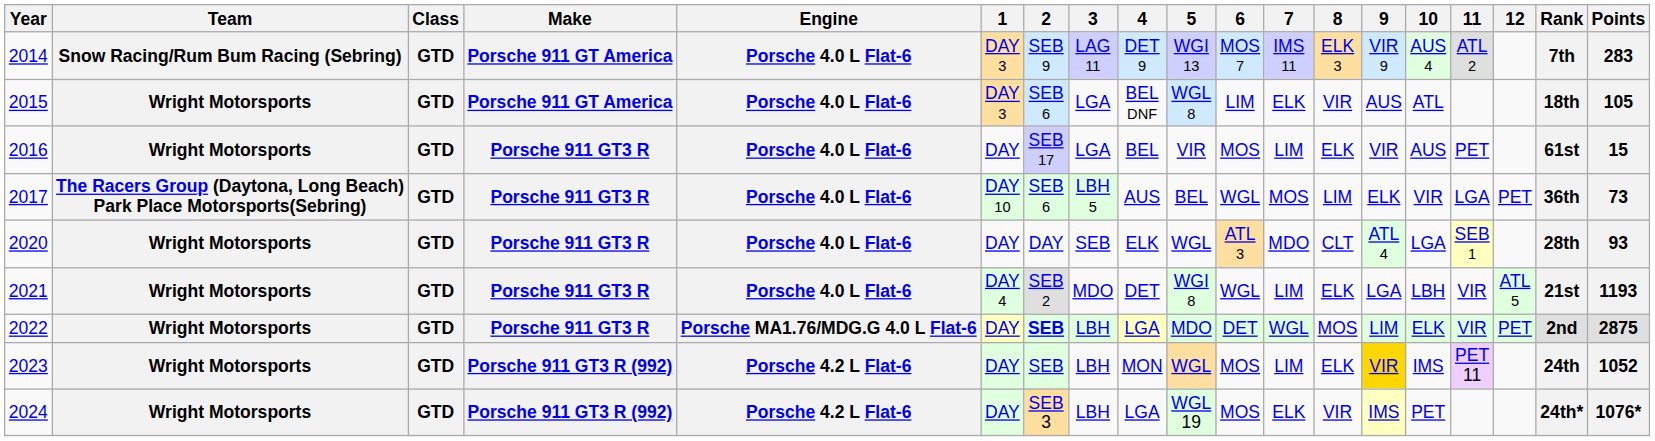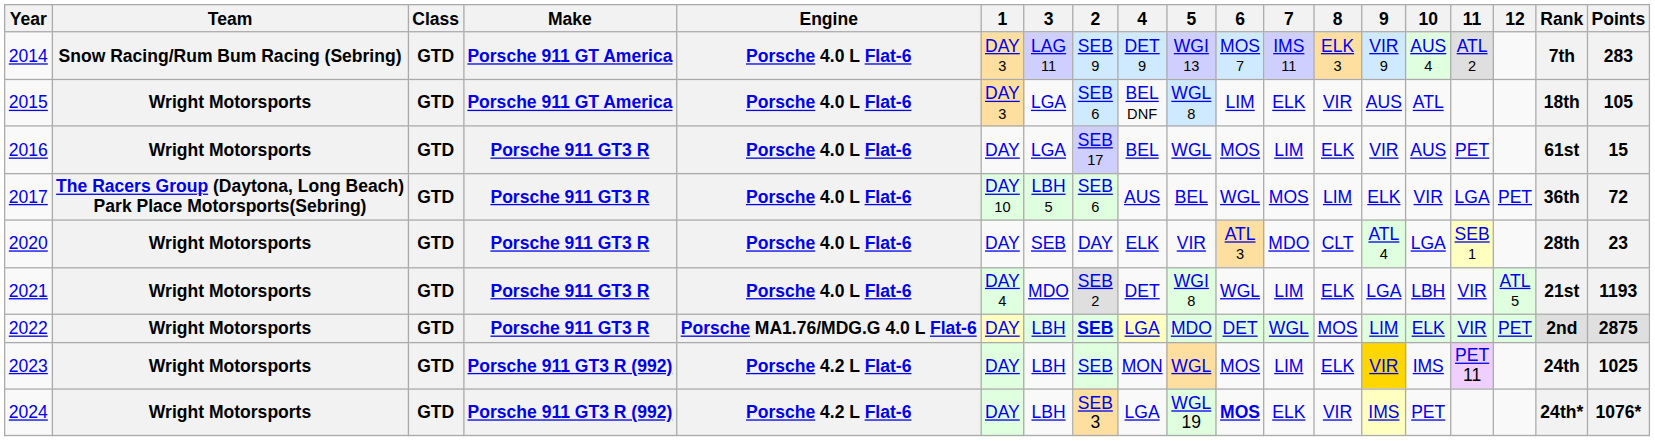 <table class="wikitable" style="text-align:center; font-size:85%">
 <tr>
 <th>Year</th>
 <th>Team</th>
 <th>Class</th>
 <th>Make</th>
 <th>Engine</th>
 <th>1</th>
+<th>3</th>
 <th>2</th>
-<th>3</th>
 <th>4</th>
 <th>5</th>
 <th>6</th>
 <th>7</th>
 <th>8</th>
 <th>9</th>
 <th>10</th>
 <th>11</th>
 <th>12</th>
 <th>Rank</th>
 <th>Points</th>
 </tr>
 <tr>
 <td><a href='#'>2014</a></td>
 <th nowrap>Snow Racing/Rum Bum Racing (Sebring)</th>
 <th>GTD</th>
 <th nowrap><a href='#'>Porsche 911 GT America</a></th>
 <th nowrap><a href='#'>Porsche</a> 4.0 L <a href='#'>Flat-6</a></th>
 <td style="background:#FFDF9F;"><a href='#'>DAY</a> <br><small>3</small></td>
+<td style="background:#cfcfff;"><a href='#'>LAG</a><br><small>11</small></td>
 <td style="background:#cfeaff;"><a href='#'>SEB</a> <br><small>9</small></td>
-<td style="background:#cfcfff;"><a href='#'>LAG</a><br><small>11</small></td>
 <td style="background:#cfeaff;"><a href='#'>DET</a> <br><small>9</small></td>
 <td style="background:#cfcfff;"><a href='#'>WGI</a> <br><small>13</small></td>
 <td style="background:#cfeaff;"><a href='#'>MOS</a><br><small>7</small></td>
 <td style="background:#cfcfff;"><a href='#'>IMS</a> <br><small>11</small></td>
 <td style="background:#FFDF9F;"><a href='#'>ELK</a> <br><small>3</small></td>
 <td style="background:#cfeaff;"><a href='#'>VIR</a> <br><small>9</small></td>
 <td style="background:#dfffdf;"><a href='#'>AUS</a> <br><small>4</small></td>
 <td style="background:#DFDFDF;"><a href='#'>ATL</a> <br><small>2</small></td>
 <td></td>
 <th>7th</th>
 <th>283</th>
 </tr>
 <tr>
 <td><a href='#'>2015</a></td>
 <th nowrap>Wright Motorsports</th>
 <th>GTD</th>
 <th nowrap><a href='#'>Porsche 911 GT America</a></th>
 <th nowrap><a href='#'>Porsche</a> 4.0 L <a href='#'>Flat-6</a></th>
 <td style="background:#FFDF9F;"><a href='#'>DAY</a> <br><small>3</small></td>
+<td style="background:#;”"><a href='#'>LGA</a><br></td>
 <td style="background:#cfeaff;"><a href='#'>SEB</a> <br><small>6</small></td>
-<td style="background:#;”"><a href='#'>LGA</a><br></td>
 <td style="background:#;"><a href='#'>BEL</a> <br><small>DNF</small></td>
 <td style="background:#cfeaff;"><a href='#'>WGL</a> <br><small>8</small></td>
 <td style="background:#;"><a href='#'>LIM</a><br></td>
 <td style="background:#;"><a href='#'>ELK</a><br></td>
 <td style="background:#;"><a href='#'>VIR</a><br></td>
 <td style="background:#;"><a href='#'>AUS</a><br></td>
 <td style="background:#;"><a href='#'>ATL</a><br></td>
 <td></td>
 <td></td>
 <th>18th</th>
 <th>105</th>
 </tr>
 <tr>
 <td><a href='#'>2016</a></td>
 <th nowrap>Wright Motorsports</th>
 <th>GTD</th>
 <th nowrap><a href='#'>Porsche 911 GT3 R</a></th>
 <th nowrap><a href='#'>Porsche</a> 4.0 L <a href='#'>Flat-6</a></th>
 <td style="background:#;"><a href='#'>DAY</a><br></td>
+<td style="background:#;"><a href='#'>LGA</a><br></td>
 <td style="background:#cfcfff;"><a href='#'>SEB</a> <br><small>17</small></td>
-<td style="background:#;"><a href='#'>LGA</a><br></td>
 <td style="background:#;"><a href='#'>BEL</a><br></td>
-<td style="background:#;"><a href='#'>VIR</a><br></td>
+<td style="background:#;"><a href='#'>WGL</a><br></td>
 <td style="background:#;"><a href='#'>MOS</a><br></td>
 <td style="background:#;"><a href='#'>LIM</a><br></td>
 <td style="background:#;"><a href='#'>ELK</a><br></td>
 <td style="background:#;"><a href='#'>VIR</a><br></td>
 <td style="background:#;"><a href='#'>AUS</a><br></td>
 <td style="background:#;"><a href='#'>PET</a><br></td>
 <td></td>
 <th>61st</th>
 <th>15</th>
 </tr>
 <tr>
 <td><a href='#'>2017</a></td>
 <th nowrap><a href='#'>The Racers Group</a> (Daytona, Long Beach)<br>Park Place Motorsports(Sebring)</th>
 <th>GTD</th>
 <th nowrap><a href='#'>Porsche 911 GT3 R</a></th>
 <th nowrap><a href='#'>Porsche</a> 4.0 L <a href='#'>Flat-6</a></th>
 <td style="background:#dfffdf;"><a href='#'>DAY</a> <br><small>10</small></td>
+<td style="background:#dfffdf;"><a href='#'>LBH</a> <br><small>5</small></td>
 <td style="background:#dfffdf;"><a href='#'>SEB</a> <br><small>6</small></td>
-<td style="background:#dfffdf;"><a href='#'>LBH</a> <br><small>5</small></td>
 <td style="background:#;"><a href='#'>AUS</a><br></td>
 <td style="background:#;"><a href='#'>BEL</a><br></td>
 <td style="background:#;"><a href='#'>WGL</a><br></td>
 <td style="background:#;"><a href='#'>MOS</a><br></td>
 <td style="background:#;"><a href='#'>LIM</a><br></td>
 <td style="background:#;"><a href='#'>ELK</a><br></td>
 <td style="background:#;"><a href='#'>VIR</a><br></td>
 <td style="background:#;"><a href='#'>LGA</a><br></td>
 <td style="background:#;"><a href='#'>PET</a><br></td>
 <th>36th</th>
-<th>73</th>
+<th>72</th>
 </tr>
 <tr>
 <td><a href='#'>2020</a></td>
 <th nowrap>Wright Motorsports</th>
 <th>GTD</th>
 <th nowrap><a href='#'>Porsche 911 GT3 R</a></th>
 <th nowrap><a href='#'>Porsche</a> 4.0 L <a href='#'>Flat-6</a></th>
 <td style="background:#;"><a href='#'>DAY</a><br></td>
+<td style="background:#;"><a href='#'>SEB</a><br></td>
 <td style="background:#;"><a href='#'>DAY</a><br></td>
-<td style="background:#;"><a href='#'>SEB</a><br></td>
 <td style="background:#;"><a href='#'>ELK</a><br></td>
-<td style="background:#;"><a href='#'>WGL</a><br></td>
+<td style="background:#;"><a href='#'>VIR</a><br></td>
 <td style="background:#FFDF9F;"><a href='#'>ATL</a> <br><small>3</small></td>
 <td style="background:#;"><a href='#'>MDO</a><br></td>
 <td style="background:#;"><a href='#'>CLT</a><br></td>
 <td style="background:#dfffdf;"><a href='#'>ATL</a> <br><small>4</small></td>
 <td style="background:#;"><a href='#'>LGA</a><br></td>
 <td style="background:#FFFFBF;"><a href='#'>SEB</a> <br><small>1</small></td>
 <td></td>
 <th>28th</th>
-<th>93</th>
+<th>23</th>
 </tr>
 <tr>
 <td><a href='#'>2021</a></td>
 <th nowrap>Wright Motorsports</th>
 <th>GTD</th>
 <th nowrap><a href='#'>Porsche 911 GT3 R</a></th>
 <th nowrap><a href='#'>Porsche</a> 4.0 L <a href='#'>Flat-6</a></th>
 <td style="background:#dfffdf;"><a href='#'>DAY</a> <br><small>4</small></td>
+<td style="background:#;"><a href='#'>MDO</a><br></td>
 <td style="background:#DFDFDF;"><a href='#'>SEB</a> <br><small>2</small></td>
-<td style="background:#;"><a href='#'>MDO</a><br></td>
 <td style="background:#;"><a href='#'>DET</a><br></td>
 <td style="background:#dfffdf;"><a href='#'>WGI</a> <br><small>8</small></td>
 <td style="background:#;"><a href='#'>WGL</a><br></td>
 <td style="background:#;"><a href='#'>LIM</a><br></td>
 <td style="background:#;"><a href='#'>ELK</a><br></td>
 <td style="background:#;"><a href='#'>LGA</a><br></td>
 <td style="background:#;"><a href='#'>LBH</a><br></td>
 <td style="background:#;"><a href='#'>VIR</a><br></td>
 <td style="background:#dfffdf;"><a href='#'>ATL</a> <br><small>5</small></td>
 <th>21st</th>
 <th>1193</th>
 </tr>
 <tr>
 <td><a href='#'>2022</a></td>
 <th nowrap>Wright Motorsports</th>
 <th>GTD</th>
 <th nowrap><a href='#'>Porsche 911 GT3 R</a></th>
 <th nowrap><a href='#'>Porsche</a> MA1.76/MDG.G 4.0 L <a href='#'>Flat-6</a></th>
 <td style="background:#FFFFBF;"><a href='#'>DAY</a><br></td>
+<td style="background:#DFFFDF;"><a href='#'>LBH</a><br></td>
 <td style="background:#DFFFDF;"><strong><a href='#'>SEB</a><br></strong></td>
-<td style="background:#DFFFDF;"><a href='#'>LBH</a><br></td>
 <td style="background:#FFFFBF;"><a href='#'>LGA</a><br></td>
 <td style="background:#DFFFDF;"><a href='#'>MDO</a><br></td>
 <td style="background:#DFFFDF;"><a href='#'>DET</a><br></td>
 <td style="background:#DFFFDF;"><a href='#'>WGL</a><br></td>
 <td style="background:"><a href='#'>MOS</a><br></td>
 <td style="background:#DFFFDF;"><a href='#'>LIM</a><br></td>
 <td style="background:#DFFFDF;"><a href='#'>ELK</a><br></td>
 <td style="background:#DFFFDF;"><a href='#'>VIR</a><br></td>
 <td style="background:#DFFFDF;"><a href='#'>PET</a><br></td>
 <th style="background:#DFDFDF;”">2nd</th>
 <th style="background:#DFDFDF;”">2875</th>
 </tr>
 <tr>
 <td><a href='#'>2023</a></td>
 <th nowrap>Wright Motorsports</th>
 <th>GTD</th>
 <th nowrap><a href='#'>Porsche 911 GT3 R (992)</a></th>
 <th nowrap><a href='#'>Porsche</a> 4.2 L <a href='#'>Flat-6</a></th>
 <td style="background:#DFFFDF;"><a href='#'>DAY</a><br></td>
+<td><a href='#'>LBH</a><br></td>
 <td style="background:#DFFFDF;"><a href='#'>SEB</a><br></td>
-<td><a href='#'>LBH</a><br></td>
 <td><a href='#'>MON</a><br></td>
 <td style="background:#FFDF9F;”"><a href='#'>WGL</a><br></td>
 <td><a href='#'>MOS</a><br></td>
 <td><a href='#'>LIM</a><br></td>
 <td><a href='#'>ELK</a><br></td>
 <td style="background: gold;"><a href='#'>VIR</a><br></td>
 <td><a href='#'>IMS</a></td>
 <td style="background:#EFCFFF;"><a href='#'>PET</a><br>11</td>
 <td></td>
 <th>24th</th>
-<th>1052</th>
+<th>1025</th>
 </tr>
 <tr>
 <td><a href='#'>2024</a></td>
 <th nowrap>Wright Motorsports</th>
 <th>GTD</th>
 <th nowrap><a href='#'>Porsche 911 GT3 R (992)</a></th>
 <th nowrap><a href='#'>Porsche</a> 4.2 L <a href='#'>Flat-6</a></th>
 <td style="background:#DFFFDF;"><a href='#'>DAY</a><br></td>
+<td><a href='#'>LBH</a><br></td>
 <td style="background:#FFDF9F;”"><a href='#'>SEB</a><br>3</td>
-<td><a href='#'>LBH</a><br></td>
 <td><a href='#'>LGA</a><br></td>
 <td style="background:#DFFFDF;"><a href='#'>WGL</a><br>19</td>
-<td><a href='#'>MOS</a><br></td>
+<td><strong><a href='#'>MOS</a><br></strong></td>
 <td><a href='#'>ELK</a><br></td>
 <td><a href='#'>VIR</a><br></td>
 <td style="background:#FFFFBF;"><a href='#'>IMS</a><br></td>
 <td><a href='#'>PET</a><br></td>
 <td></td>
 <td></td>
 <th>24th*</th>
 <th>1076*</th>
 </tr>
 </table>
